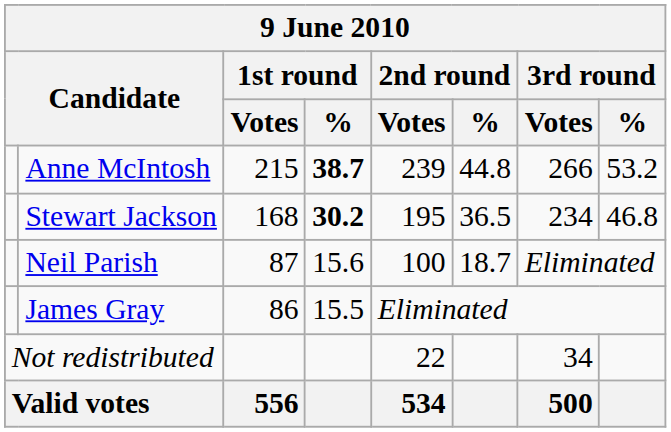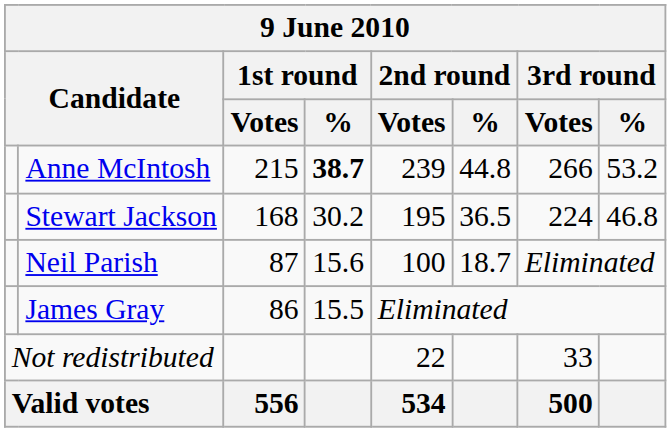 <table class="wikitable" style="min-width:250px">
 <tr>
 <th colspan="12">9 June 2010</th>
 </tr>
 <tr>
 <th colspan="2" rowspan="2">Candidate</th>
 <th colspan="2">1st round</th>
 <th colspan="2">2nd round</th>
 <th colspan="2">3rd round</th>
 </tr>
 <tr>
 <th>Votes</th>
 <th>%</th>
 <th>Votes</th>
 <th>%</th>
 <th>Votes</th>
 <th>%</th>
 </tr>
 <tr>
 <td style="color:inherit;background-color: "></td>
 <td><a href='#'>Anne McIntosh</a></td>
 <td align="right">215</td>
 <td align="right"><strong>38.7</strong></td>
 <td align="right">239</td>
 <td align="right">44.8</td>
 <td align="right">266</td>
 <td align="right">53.2</td>
 </tr>
 <tr>
 <td style="color:inherit;background-color: "></td>
 <td><a href='#'>Stewart Jackson</a></td>
 <td align="right">168</td>
-<td align="right"><strong>30.2</strong></td>
+<td align="right">30.2</td>
 <td align="right">195</td>
 <td align="right">36.5</td>
-<td align="right">234</td>
+<td align="right">224</td>
 <td align="right">46.8</td>
 </tr>
 <tr>
 <td style="color:inherit;background-color: "></td>
 <td><a href='#'>Neil Parish</a></td>
 <td align="right">87</td>
 <td align="right">15.6</td>
 <td align="right">100</td>
 <td align="right">18.7</td>
 <td colspan="2"><em>Eliminated</em></td>
 </tr>
 <tr>
 <td style="color:inherit;background-color: "></td>
 <td><a href='#'>James Gray</a></td>
 <td align="right">86</td>
 <td align="right">15.5</td>
 <td colspan="4"><em>Eliminated</em></td>
 </tr>
 <tr>
 <td colspan="2"><em>Not redistributed</em></td>
 <td align="right"></td>
 <td align="right"></td>
 <td align="right">22</td>
 <td align="right"></td>
-<td align="right">34</td>
+<td align="right">33</td>
 <td align="right"></td>
 </tr>
 <tr>
 <th style="text-align:left;" colspan="2"><strong>Valid votes</strong></th>
 <th style="text-align:right;">556</th>
 <th style="text-align:right;"></th>
 <th style="text-align:right;">534</th>
 <th style="text-align:right;"></th>
 <th style="text-align:right;">500</th>
 <th style="text-align:right;"></th>
 </tr>
 </table>
